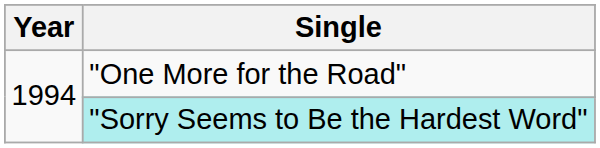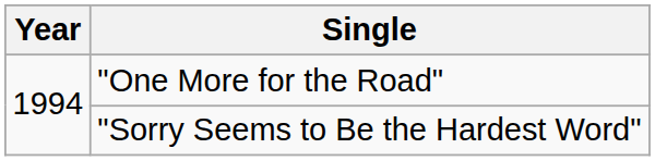 <table class="wikitable">
 <tr>
 <th>Year</th>
 <th>Single</th>
 </tr>
 <tr>
 <td rowspan="2">1994</td>
 <td>"One More for the Road"</td>
 </tr>
 <tr>
-<td style="background: paleturquoise;">"Sorry Seems to Be the Hardest Word"</td>
+<td>"Sorry Seems to Be the Hardest Word"</td>
 </tr>
 </table>
